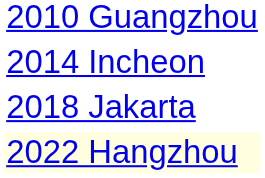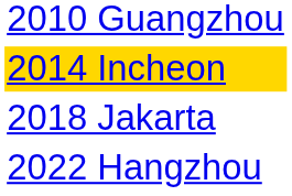 <table>
 <tr>
 <td><a href='#'>2010 Guangzhou</a></td>
 <td></td>
 <td></td>
 <td></td>
 </tr>
 <tr>
-<td><a href='#'>2014 Incheon</a></td>
+<td style="background: gold;"><a href='#'>2014 Incheon</a></td>
 <td></td>
 <td></td>
 <td></td>
 </tr>
 <tr>
 <td><a href='#'>2018 Jakarta</a></td>
 <td></td>
 <td></td>
 <td></td>
 </tr>
 <tr>
-<td style="background: lightyellow;"><a href='#'>2022 Hangzhou</a></td>
+<td><a href='#'>2022 Hangzhou</a></td>
 <td></td>
 <td></td>
 <td></td>
 </tr>
 </table>
